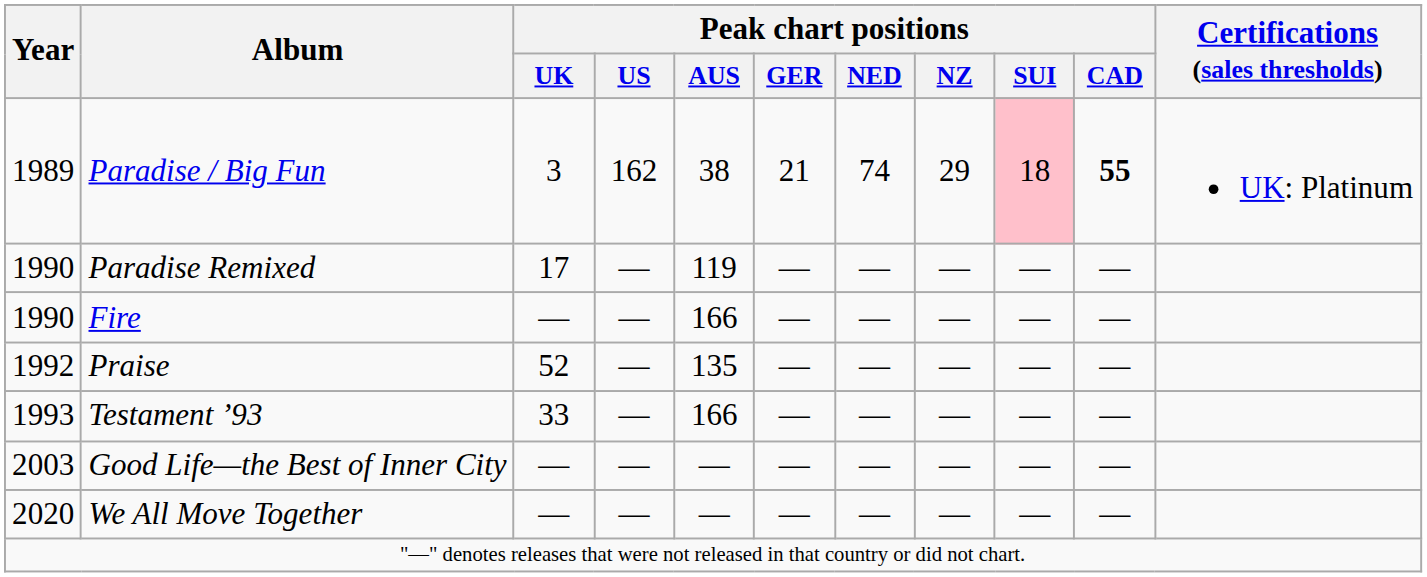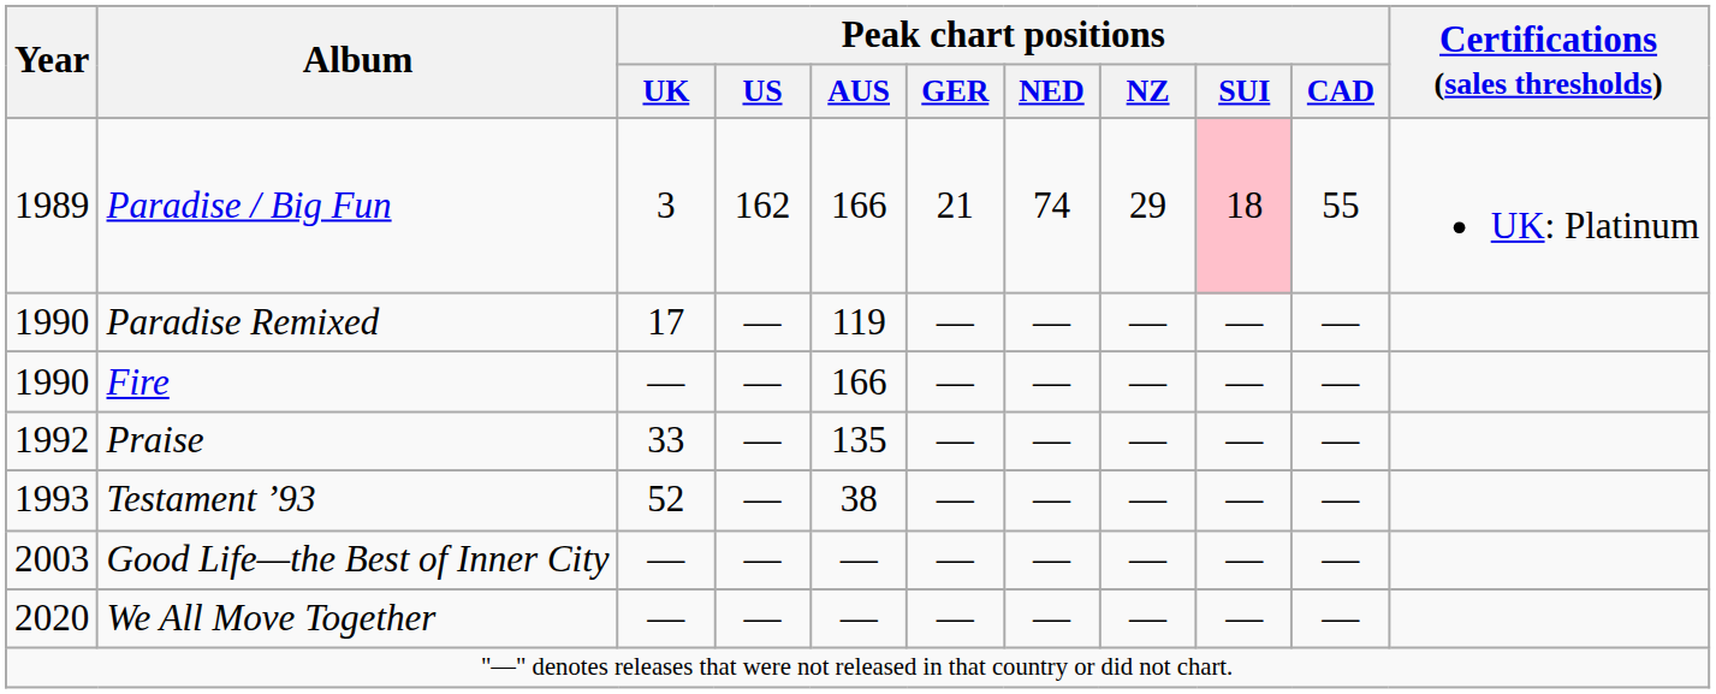 <table class="wikitable" style="text-align:center;">
 <tr>
 <th rowspan="2">Year</th>
 <th rowspan="2">Album</th>
 <th colspan="8">Peak chart positions</th>
 <th rowspan="2"><a href='#'>Certifications</a><br><small>(<a href='#'>sales thresholds</a>)</small></th>
 </tr>
 <tr style="font-size:smaller;">
 <th width="35"><a href='#'>UK</a><br></th>
 <th width="35"><a href='#'>US</a><br></th>
 <th width="35"><a href='#'>AUS</a><br></th>
 <th width="35"><a href='#'>GER</a><br></th>
 <th width="35"><a href='#'>NED</a><br></th>
 <th width="35"><a href='#'>NZ</a><br></th>
 <th width="35"><a href='#'>SUI</a><br></th>
 <th width="35"><a href='#'>CAD</a><br></th>
 </tr>
 <tr>
 <td style="text-align:center;">1989</td>
 <td align="left"><em><a href='#'>Paradise / Big Fun</a></em> </td>
 <td style="text-align:center;">3</td>
 <td style="text-align:center;">162</td>
-<td style="text-align:center;">38</td>
+<td style="text-align:center;">166</td>
 <td style="text-align:center;">21</td>
 <td style="text-align:center;">74</td>
 <td style="text-align:center;">29</td>
 <td style="background: pink; text-align:center;">18</td>
-<td style="text-align:center;"><strong>55</strong></td>
+<td style="text-align:center;">55</td>
 <td><br><ul><li><a href='#'>UK</a>: Platinum</li></ul></td>
 </tr>
 <tr>
 <td style="text-align:center;">1990</td>
 <td align="left"><em>Paradise Remixed</em></td>
 <td style="text-align:center;">17</td>
 <td style="text-align:center;">—</td>
 <td style="text-align:center;">119</td>
 <td style="text-align:center;">—</td>
 <td style="text-align:center;">—</td>
 <td style="text-align:center;">—</td>
 <td style="text-align:center;">—</td>
 <td style="text-align:center;">—</td>
 <td></td>
 </tr>
 <tr>
 <td style="text-align:center;">1990</td>
 <td align="left"><em><a href='#'>Fire</a></em></td>
 <td style="text-align:center;">—</td>
 <td style="text-align:center;">—</td>
 <td style="text-align:center;">166</td>
 <td style="text-align:center;">—</td>
 <td style="text-align:center;">—</td>
 <td style="text-align:center;">—</td>
 <td style="text-align:center;">—</td>
 <td style="text-align:center;">—</td>
 <td></td>
 </tr>
 <tr>
 <td style="text-align:center;">1992</td>
 <td align="left"><em>Praise</em></td>
-<td style="text-align:center;">52</td>
+<td style="text-align:center;">33</td>
 <td style="text-align:center;">—</td>
 <td style="text-align:center;">135</td>
 <td style="text-align:center;">—</td>
 <td style="text-align:center;">—</td>
 <td style="text-align:center;">—</td>
 <td style="text-align:center;">—</td>
 <td style="text-align:center;">—</td>
 <td></td>
 </tr>
 <tr>
 <td style="text-align:center;">1993</td>
 <td align="left"><em>Testament ’93</em></td>
-<td style="text-align:center;">33</td>
+<td style="text-align:center;">52</td>
 <td style="text-align:center;">—</td>
-<td style="text-align:center;">166</td>
+<td style="text-align:center;">38</td>
 <td style="text-align:center;">—</td>
 <td style="text-align:center;">—</td>
 <td style="text-align:center;">—</td>
 <td style="text-align:center;">—</td>
 <td style="text-align:center;">—</td>
 <td></td>
 </tr>
 <tr>
 <td style="text-align:center;">2003</td>
 <td align="left"><em>Good Life—the Best of Inner City</em></td>
 <td style="text-align:center;">—</td>
 <td style="text-align:center;">—</td>
 <td style="text-align:center;">—</td>
 <td style="text-align:center;">—</td>
 <td style="text-align:center;">—</td>
 <td style="text-align:center;">—</td>
 <td style="text-align:center;">—</td>
 <td style="text-align:center;">—</td>
 <td></td>
 </tr>
 <tr>
 <td style="text-align:center;">2020</td>
 <td align="left"><em>We All Move Together</em></td>
 <td style="text-align:center;">—</td>
 <td style="text-align:center;">—</td>
 <td style="text-align:center;">—</td>
 <td style="text-align:center;">—</td>
 <td style="text-align:center;">—</td>
 <td style="text-align:center;">—</td>
 <td style="text-align:center;">—</td>
 <td style="text-align:center;">—</td>
 <td></td>
 </tr>
 <tr>
 <td colspan="11" style="text-align:center; font-size:8pt;">"—" denotes releases that were not released in that country or did not chart.</td>
 </tr>
 </table>
